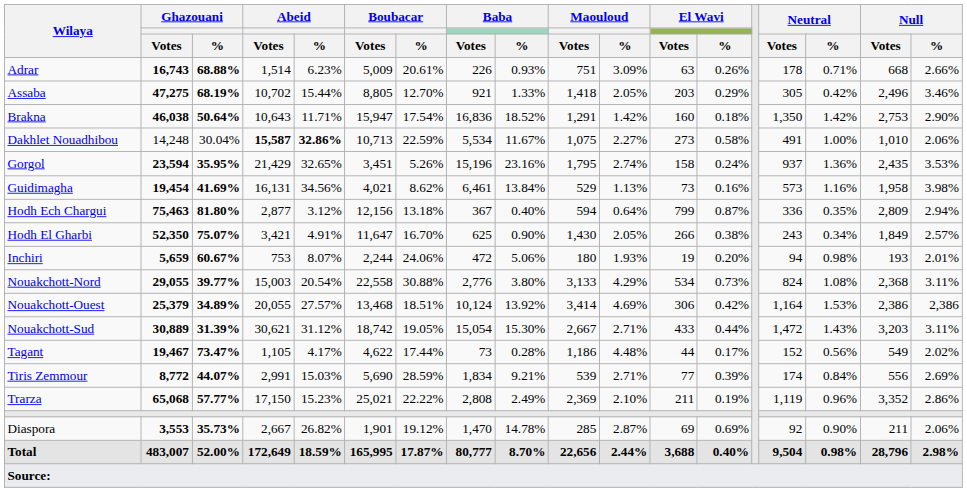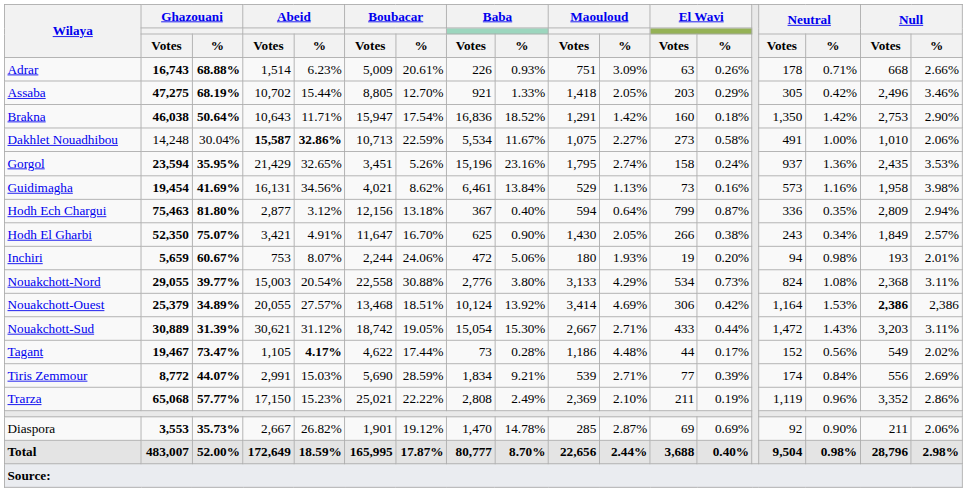 <table class="wikitable sortable collapsible mw-datatable" style="text-align:right; font-size:95%; line-height:20px">
 <tr>
 <th width="150" rowspan="3"><a href='#'>Wilaya</a></th>
 <th width="110" colspan="2"><a href='#'>Ghazouani</a></th>
 <th width="110" colspan="2"><a href='#'>Abeid</a></th>
 <th width="110" colspan="2"><a href='#'>Boubacar</a></th>
 <th width="110" colspan="2"><a href='#'>Baba</a></th>
 <th width="110" colspan="2"><a href='#'>Maouloud</a></th>
 <th width="110" colspan="2"><a href='#'>El Wavi</a></th>
 <td rowspan="21" style="background:#E9E9E9;"></td>
 <th width="110" rowspan="2" colspan="2"><a href='#'>Neutral</a></th>
 <th width="110" rowspan="2" colspan="2"><a href='#'>Null</a></th>
 </tr>
 <tr>
 <th colspan="2" style="background:"></th>
 <th colspan="2" style="background:"></th>
 <th colspan="2" style="background:"></th>
 <th colspan="2" style="background:#9CD6BE;"></th>
 <th colspan="2" style="background:"></th>
 <th colspan="2" style="background:#95B256;"></th>
 </tr>
 <tr>
 <th>Votes</th>
 <th>%</th>
 <th>Votes</th>
 <th>%</th>
 <th>Votes</th>
 <th>%</th>
 <th>Votes</th>
 <th>%</th>
 <th>Votes</th>
 <th>%</th>
 <th>Votes</th>
 <th>%</th>
 <th>Votes</th>
 <th>%</th>
 <th>Votes</th>
 <th>%</th>
 </tr>
 <tr>
 <td style="text-align:left"><a href='#'>Adrar</a></td>
 <td><strong>16,743</strong></td>
 <td><strong>68.88%</strong></td>
 <td>1,514</td>
 <td>6.23%</td>
 <td>5,009</td>
 <td>20.61%</td>
 <td>226</td>
 <td>0.93%</td>
 <td>751</td>
 <td>3.09%</td>
 <td>63</td>
 <td>0.26%</td>
 <td>178</td>
 <td>0.71%</td>
 <td>668</td>
 <td>2.66%</td>
 </tr>
 <tr>
 <td style="text-align:left"><a href='#'>Assaba</a></td>
 <td><strong>47,275</strong></td>
 <td><strong>68.19%</strong></td>
 <td>10,702</td>
 <td>15.44%</td>
 <td>8,805</td>
 <td>12.70%</td>
 <td>921</td>
 <td>1.33%</td>
 <td>1,418</td>
 <td>2.05%</td>
 <td>203</td>
 <td>0.29%</td>
 <td>305</td>
 <td>0.42%</td>
 <td>2,496</td>
 <td>3.46%</td>
 </tr>
 <tr>
 <td style="text-align:left"><a href='#'>Brakna</a></td>
 <td><strong>46,038</strong></td>
 <td><strong>50.64%</strong></td>
 <td>10,643</td>
 <td>11.71%</td>
 <td>15,947</td>
 <td>17.54%</td>
 <td>16,836</td>
 <td>18.52%</td>
 <td>1,291</td>
 <td>1.42%</td>
 <td>160</td>
 <td>0.18%</td>
 <td>1,350</td>
 <td>1.42%</td>
 <td>2,753</td>
 <td>2.90%</td>
 </tr>
 <tr>
 <td style="text-align:left"><a href='#'>Dakhlet Nouadhibou</a></td>
 <td>14,248</td>
 <td>30.04%</td>
 <td><strong>15,587</strong></td>
 <td><strong>32.86%</strong></td>
 <td>10,713</td>
 <td>22.59%</td>
 <td>5,534</td>
 <td>11.67%</td>
 <td>1,075</td>
 <td>2.27%</td>
 <td>273</td>
 <td>0.58%</td>
 <td>491</td>
 <td>1.00%</td>
 <td>1,010</td>
 <td>2.06%</td>
 </tr>
 <tr>
 <td style="text-align:left"><a href='#'>Gorgol</a></td>
 <td><strong>23,594</strong></td>
 <td><strong>35.95%</strong></td>
 <td>21,429</td>
 <td>32.65%</td>
 <td>3,451</td>
 <td>5.26%</td>
 <td>15,196</td>
 <td>23.16%</td>
 <td>1,795</td>
 <td>2.74%</td>
 <td>158</td>
 <td>0.24%</td>
 <td>937</td>
 <td>1.36%</td>
 <td>2,435</td>
 <td>3.53%</td>
 </tr>
 <tr>
 <td style="text-align:left"><a href='#'>Guidimagha</a></td>
 <td><strong>19,454</strong></td>
 <td><strong>41.69%</strong></td>
 <td>16,131</td>
 <td>34.56%</td>
 <td>4,021</td>
 <td>8.62%</td>
 <td>6,461</td>
 <td>13.84%</td>
 <td>529</td>
 <td>1.13%</td>
 <td>73</td>
 <td>0.16%</td>
 <td>573</td>
 <td>1.16%</td>
 <td>1,958</td>
 <td>3.98%</td>
 </tr>
 <tr>
 <td style="text-align:left"><a href='#'>Hodh Ech Chargui</a></td>
 <td><strong>75,463</strong></td>
 <td><strong>81.80%</strong></td>
 <td>2,877</td>
 <td>3.12%</td>
 <td>12,156</td>
 <td>13.18%</td>
 <td>367</td>
 <td>0.40%</td>
 <td>594</td>
 <td>0.64%</td>
 <td>799</td>
 <td>0.87%</td>
 <td>336</td>
 <td>0.35%</td>
 <td>2,809</td>
 <td>2.94%</td>
 </tr>
 <tr>
 <td style="text-align:left"><a href='#'>Hodh El Gharbi</a></td>
 <td><strong>52,350</strong></td>
 <td><strong>75.07%</strong></td>
 <td>3,421</td>
 <td>4.91%</td>
 <td>11,647</td>
 <td>16.70%</td>
 <td>625</td>
 <td>0.90%</td>
 <td>1,430</td>
 <td>2.05%</td>
 <td>266</td>
 <td>0.38%</td>
 <td>243</td>
 <td>0.34%</td>
 <td>1,849</td>
 <td>2.57%</td>
 </tr>
 <tr>
 <td style="text-align:left"><a href='#'>Inchiri</a></td>
 <td><strong>5,659</strong></td>
 <td><strong>60.67%</strong></td>
 <td>753</td>
 <td>8.07%</td>
 <td>2,244</td>
 <td>24.06%</td>
 <td>472</td>
 <td>5.06%</td>
 <td>180</td>
 <td>1.93%</td>
 <td>19</td>
 <td>0.20%</td>
 <td>94</td>
 <td>0.98%</td>
 <td>193</td>
 <td>2.01%</td>
 </tr>
 <tr>
 <td style="text-align:left"><a href='#'>Nouakchott-Nord</a></td>
 <td><strong>29,055</strong></td>
 <td><strong>39.77%</strong></td>
 <td>15,003</td>
 <td>20.54%</td>
 <td>22,558</td>
 <td>30.88%</td>
 <td>2,776</td>
 <td>3.80%</td>
 <td>3,133</td>
 <td>4.29%</td>
 <td>534</td>
 <td>0.73%</td>
 <td>824</td>
 <td>1.08%</td>
 <td>2,368</td>
 <td>3.11%</td>
 </tr>
 <tr>
 <td style="text-align:left"><a href='#'>Nouakchott-Ouest</a></td>
 <td><strong>25,379</strong></td>
 <td><strong>34.89%</strong></td>
 <td>20,055</td>
 <td>27.57%</td>
 <td>13,468</td>
 <td>18.51%</td>
 <td>10,124</td>
 <td>13.92%</td>
 <td>3,414</td>
 <td>4.69%</td>
 <td>306</td>
 <td>0.42%</td>
 <td>1,164</td>
 <td>1.53%</td>
-<td>2,386</td>
+<td><strong>2,386</strong></td>
 <td>2,386</td>
 </tr>
 <tr>
 <td style="text-align:left"><a href='#'>Nouakchott-Sud</a></td>
 <td><strong>30,889</strong></td>
 <td><strong>31.39%</strong></td>
 <td>30,621</td>
 <td>31.12%</td>
 <td>18,742</td>
 <td>19.05%</td>
 <td>15,054</td>
 <td>15.30%</td>
 <td>2,667</td>
 <td>2.71%</td>
 <td>433</td>
 <td>0.44%</td>
 <td>1,472</td>
 <td>1.43%</td>
 <td>3,203</td>
 <td>3.11%</td>
 </tr>
 <tr>
 <td style="text-align:left"><a href='#'>Tagant</a></td>
 <td><strong>19,467</strong></td>
 <td><strong>73.47%</strong></td>
 <td>1,105</td>
-<td>4.17%</td>
+<td><strong>4.17%</strong></td>
 <td>4,622</td>
 <td>17.44%</td>
 <td>73</td>
 <td>0.28%</td>
 <td>1,186</td>
 <td>4.48%</td>
 <td>44</td>
 <td>0.17%</td>
 <td>152</td>
 <td>0.56%</td>
 <td>549</td>
 <td>2.02%</td>
 </tr>
 <tr>
 <td style="text-align:left"><a href='#'>Tiris Zemmour</a></td>
 <td><strong>8,772</strong></td>
 <td><strong>44.07%</strong></td>
 <td>2,991</td>
 <td>15.03%</td>
 <td>5,690</td>
 <td>28.59%</td>
 <td>1,834</td>
 <td>9.21%</td>
 <td>539</td>
 <td>2.71%</td>
 <td>77</td>
 <td>0.39%</td>
 <td>174</td>
 <td>0.84%</td>
 <td>556</td>
 <td>2.69%</td>
 </tr>
 <tr>
 <td style="text-align:left"><a href='#'>Trarza</a></td>
 <td><strong>65,068</strong></td>
 <td><strong>57.77%</strong></td>
 <td>17,150</td>
 <td>15.23%</td>
 <td>25,021</td>
 <td>22.22%</td>
 <td>2,808</td>
 <td>2.49%</td>
 <td>2,369</td>
 <td>2.10%</td>
 <td>211</td>
 <td>0.19%</td>
 <td>1,119</td>
 <td>0.96%</td>
 <td>3,352</td>
 <td>2.86%</td>
 </tr>
 <tr class="sortbottom">
 <td colspan="19" style="background:#E9E9E9;"></td>
 </tr>
 <tr>
 <td style="text-align:left">Diaspora</td>
 <td><strong>3,553</strong></td>
 <td><strong>35.73%</strong></td>
 <td>2,667</td>
 <td>26.82%</td>
 <td>1,901</td>
 <td>19.12%</td>
 <td>1,470</td>
 <td>14.78%</td>
 <td>285</td>
 <td>2.87%</td>
 <td>69</td>
 <td>0.69%</td>
 <td>92</td>
 <td>0.90%</td>
 <td>211</td>
 <td>2.06%</td>
 </tr>
 <tr class="sortbottom" style="font-weight:bold; background:#E4E4E4;">
 <td align="left">Total</td>
 <td><strong>483,007</strong></td>
 <td><strong>52.00%</strong></td>
 <td>172,649</td>
 <td>18.59%</td>
 <td>165,995</td>
 <td>17.87%</td>
 <td>80,777</td>
 <td>8.70%</td>
 <td>22,656</td>
 <td>2.44%</td>
 <td>3,688</td>
 <td>0.40%</td>
 <td>9,504</td>
 <td>0.98%</td>
 <td>28,796</td>
 <td>2.98%</td>
 </tr>
 <tr class="sortbottom">
 <td colspan="19" style="text-align:left; background-color:#eaecf0"><strong>Source:</strong> </td>
 </tr>
 </table>
